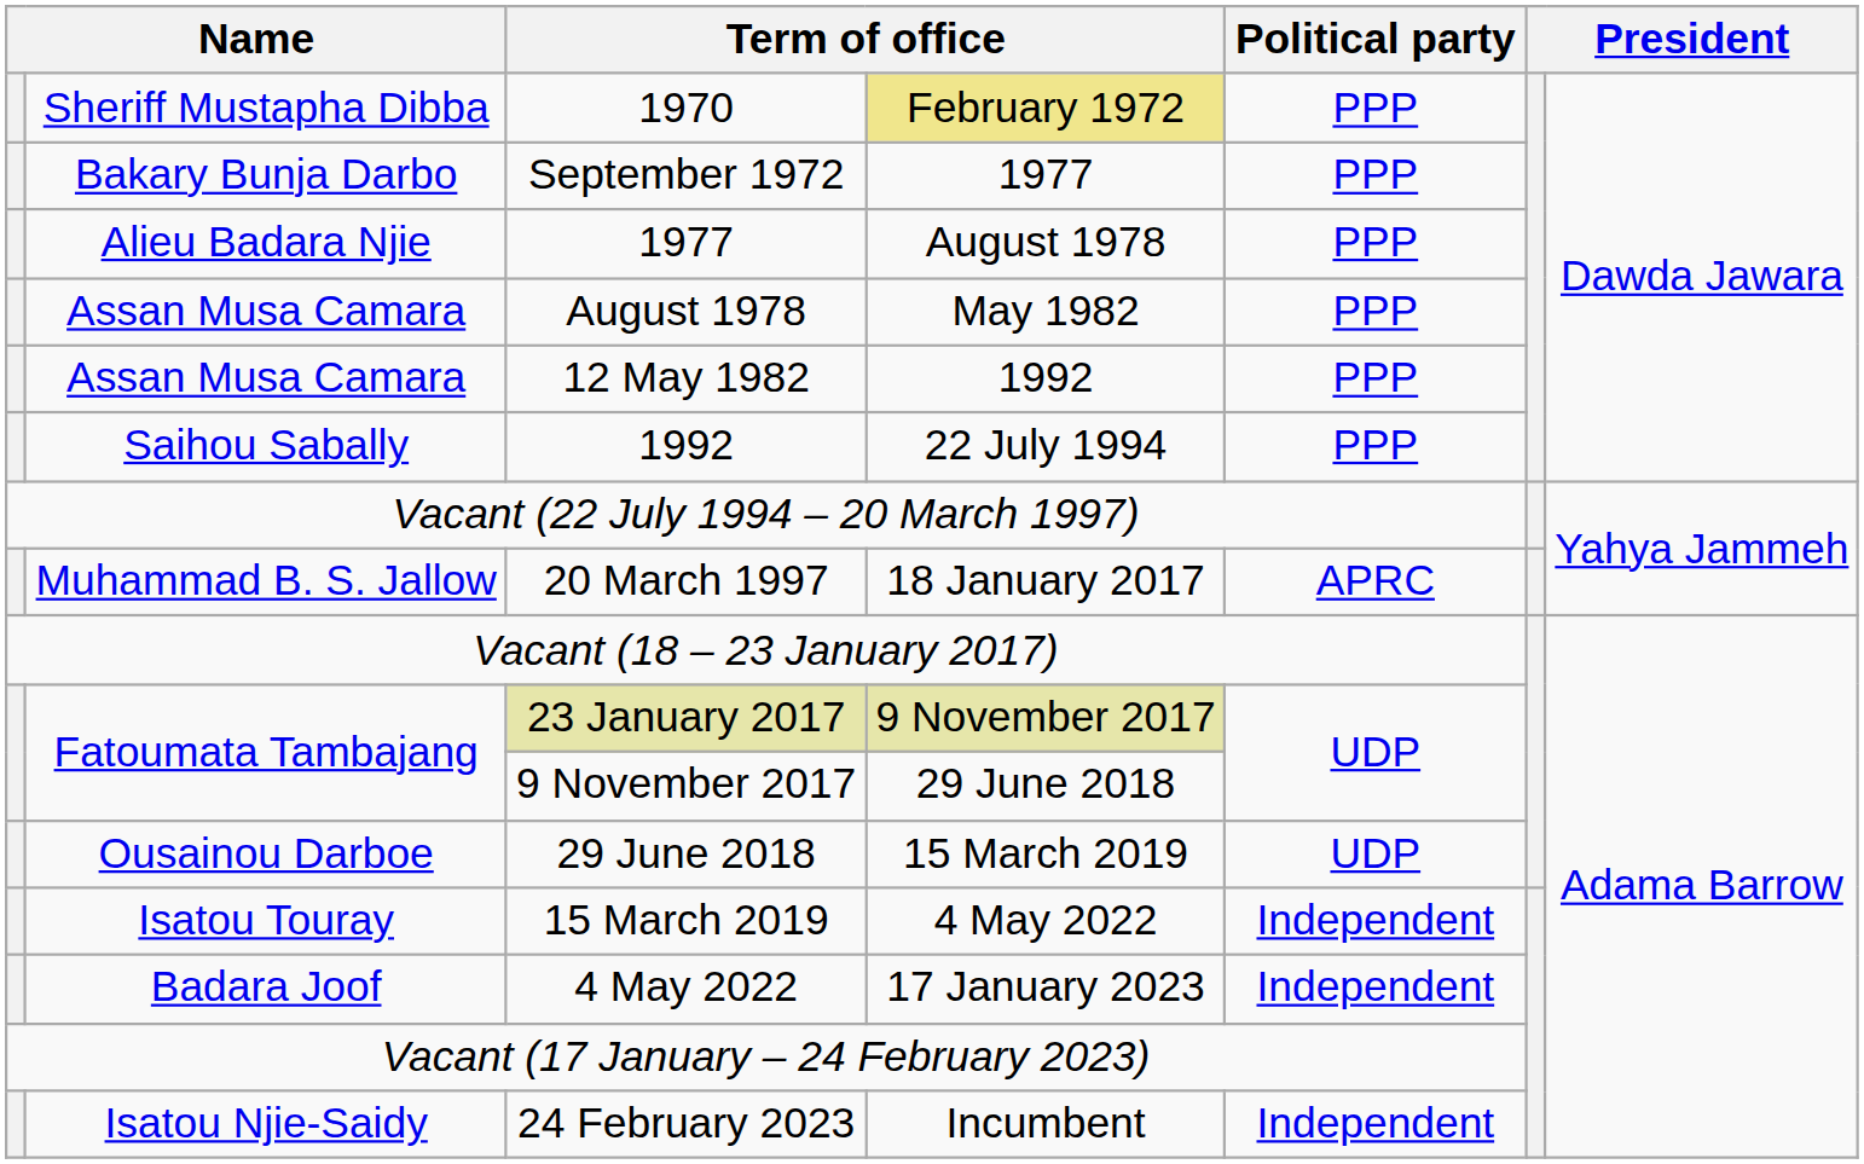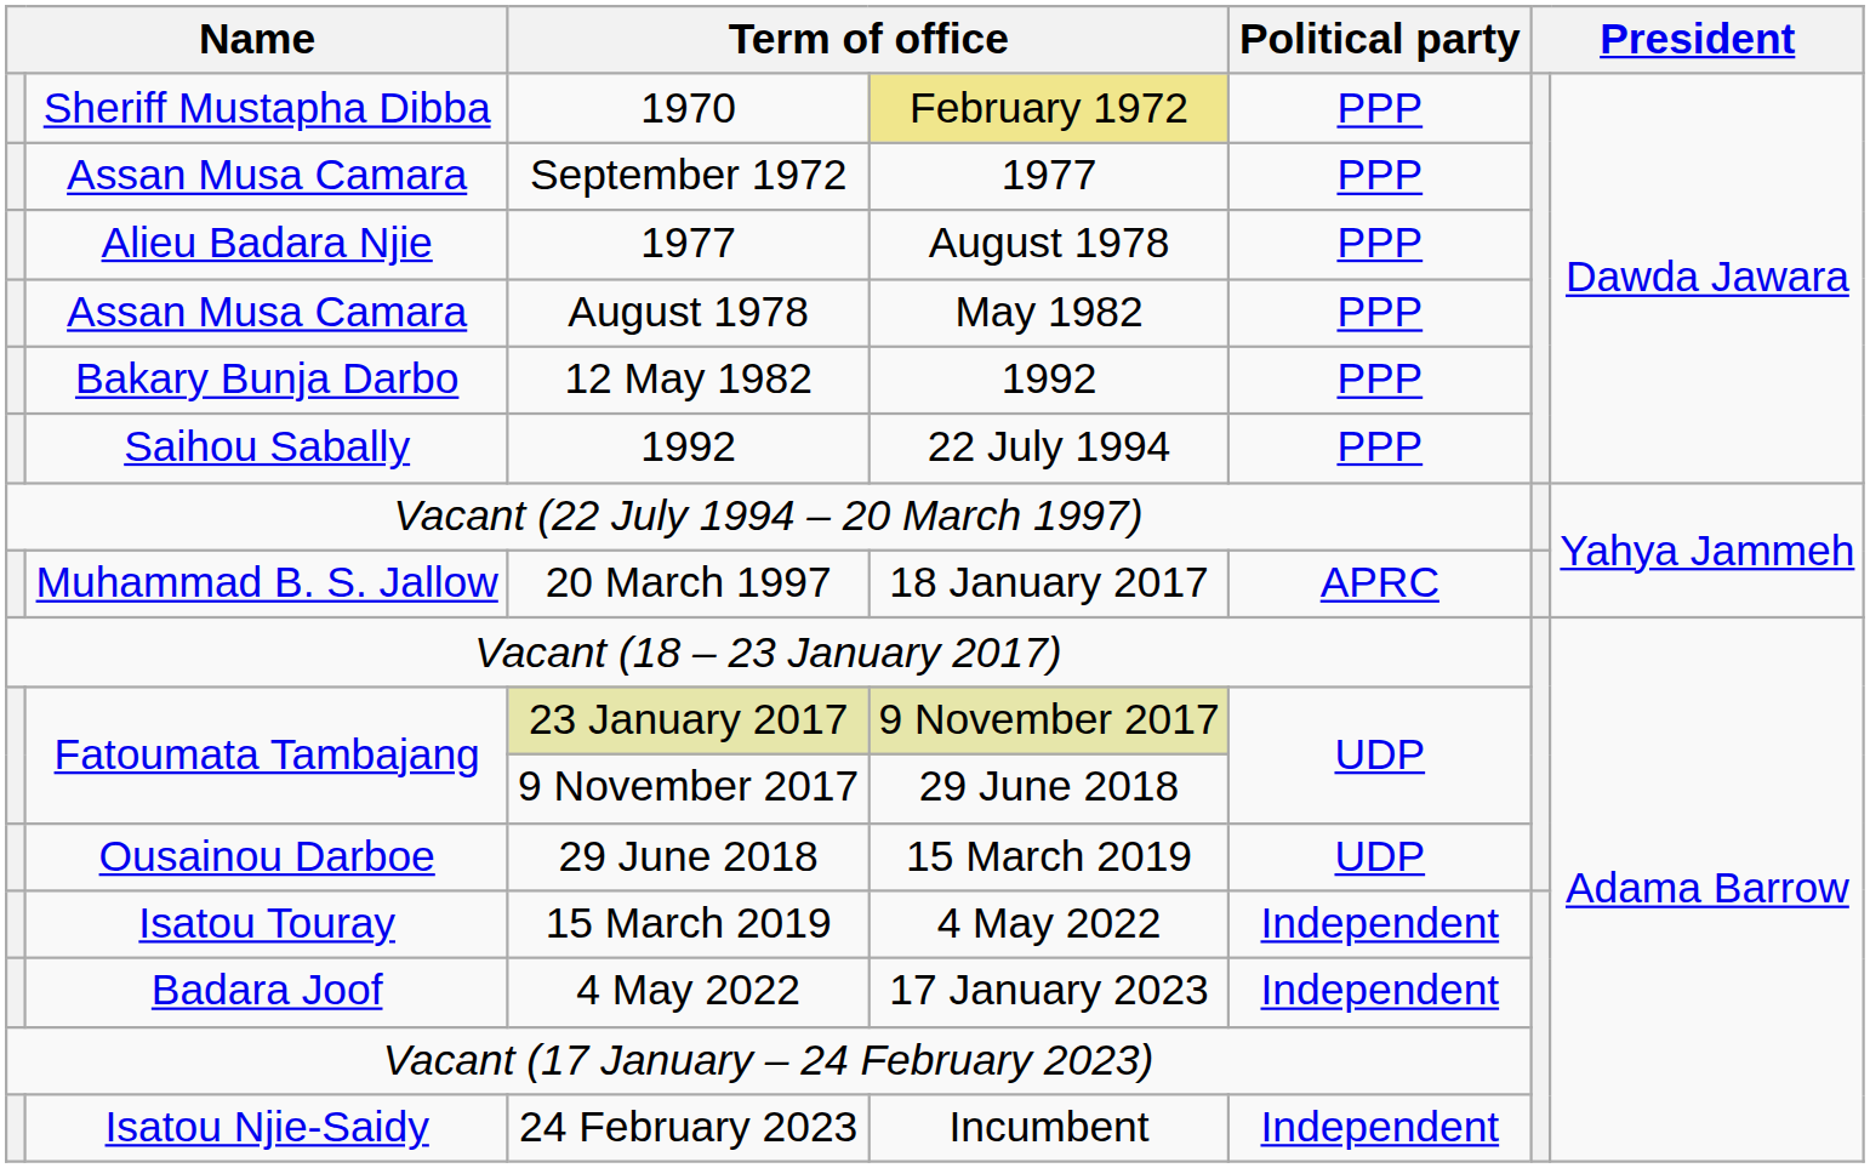 <table class="wikitable" style="text-align:center">
 <tr>
 <th colspan="2">Name<br></th>
 <th colspan="2">Term of office</th>
 <th>Political party</th>
 <th colspan="2"><a href='#'>President</a></th>
 </tr>
 <tr>
 <th style="background-color:"></th>
 <td><a href='#'>Sheriff Mustapha Dibba</a><br></td>
 <td>1970</td>
 <td style="background: khaki;">February 1972</td>
 <td><a href='#'>PPP</a></td>
 <th rowspan="6" style="background-color:"></th>
 <td rowspan="6"><a href='#'>Dawda Jawara</a></td>
 </tr>
 <tr>
 <th style="background-color:"></th>
-<td><a href='#'>Bakary Bunja Darbo</a><br></td>
+<td><a href='#'>Assan Musa Camara</a><br></td>
 <td>September 1972</td>
 <td>1977</td>
 <td><a href='#'>PPP</a></td>
 </tr>
 <tr>
 <th style="background-color:"></th>
 <td><a href='#'>Alieu Badara Njie</a><br></td>
 <td>1977</td>
 <td>August 1978</td>
 <td><a href='#'>PPP</a></td>
 </tr>
 <tr>
 <th style="background-color:"></th>
 <td><a href='#'>Assan Musa Camara</a><br></td>
 <td>August 1978</td>
 <td>May 1982</td>
 <td><a href='#'>PPP</a></td>
 </tr>
 <tr>
 <th style="background-color:"></th>
-<td><a href='#'>Assan Musa Camara</a><br></td>
+<td><a href='#'>Bakary Bunja Darbo</a><br></td>
 <td>12 May 1982</td>
 <td>1992</td>
 <td><a href='#'>PPP</a></td>
 </tr>
 <tr>
 <th style="background-color:"></th>
 <td><a href='#'>Saihou Sabally</a><br></td>
 <td>1992</td>
 <td>22 July 1994<br></td>
 <td><a href='#'>PPP</a></td>
 </tr>
 <tr>
 <td colspan="5"><em>Vacant (22 July 1994 – 20 March 1997)</em></td>
 <th style="background-color:"></th>
 <td rowspan="2"><a href='#'>Yahya Jammeh</a></td>
 </tr>
 <tr>
 <th style="background-color:"></th>
 <td><a href='#'>Muhammad B. S. Jallow</a></td>
 <td>20 March 1997</td>
 <td>18 January 2017<br></td>
 <td><a href='#'>APRC</a></td>
 <th style="background-color:"></th>
 </tr>
 <tr>
 <td colspan="5"><em>Vacant (18 – 23 January 2017)</em></td>
 <th rowspan="4" style="background-color:"></th>
 <td rowspan="8"><a href='#'>Adama Barrow</a></td>
 </tr>
 <tr>
 <th rowspan=2 style="background-color:"></th>
 <td rowspan=2><a href='#'>Fatoumata Tambajang</a><br></td>
 <td style="background:#e6e6aa;">23 January 2017</td>
 <td style="background:#e6e6aa;">9 November 2017</td>
 <td rowspan=2><a href='#'>UDP</a></td>
 </tr>
 <tr>
 <td>9 November 2017</td>
 <td>29 June 2018</td>
 </tr>
 <tr>
 <th style="background-color:"></th>
 <td><a href='#'>Ousainou Darboe</a><br></td>
 <td>29 June 2018</td>
 <td>15 March 2019</td>
 <td><a href='#'>UDP</a></td>
 </tr>
 <tr>
 <th style="background-color:"></th>
 <td><a href='#'>Isatou Touray</a><br></td>
 <td>15 March 2019</td>
 <td>4 May 2022</td>
 <td><a href='#'>Independent</a></td>
 <th rowspan="4" style="background-color:"></th>
 </tr>
 <tr>
 <th style="background-color:"></th>
 <td><a href='#'>Badara Joof</a><br></td>
 <td>4 May 2022</td>
 <td>17 January 2023</td>
 <td><a href='#'>Independent</a></td>
 </tr>
 <tr>
 <td colspan="5"><em>Vacant (17 January – 24 February 2023)</em></td>
 </tr>
 <tr>
 <th style="background-color:"></th>
 <td><a href='#'>Isatou Njie-Saidy</a><br></td>
 <td>24 February 2023</td>
 <td>Incumbent</td>
 <td><a href='#'>Independent</a></td>
 </tr>
 </table>
